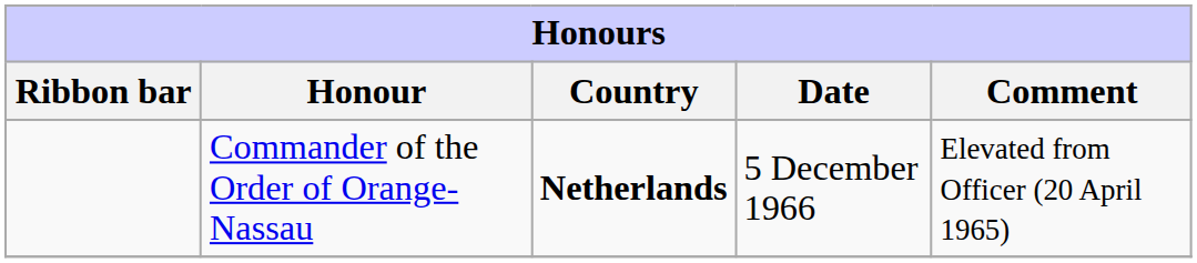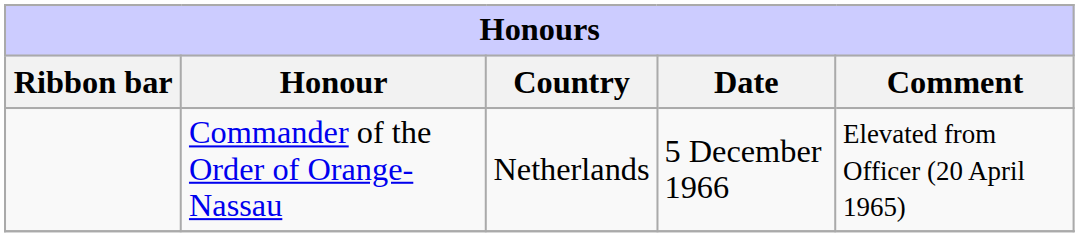 <table class="wikitable" style="width:60%;">
 <tr style="background:#ccf; text-align:center;">
 <td colspan=5><strong>Honours</strong></td>
 </tr>
 <tr>
 <th style="width:80px;">Ribbon bar</th>
 <th>Honour</th>
 <th>Country</th>
 <th>Date</th>
 <th>Comment</th>
 </tr>
 <tr>
 <td></td>
 <td><a href='#'>Commander</a> of the <a href='#'>Order of Orange-Nassau</a></td>
-<td><strong>Netherlands</strong></td>
+<td>Netherlands</td>
 <td>5 December 1966</td>
 <td><small>Elevated from Officer (20 April 1965)</small></td>
 </tr>
 <tr>
 </tr>
 </table>
